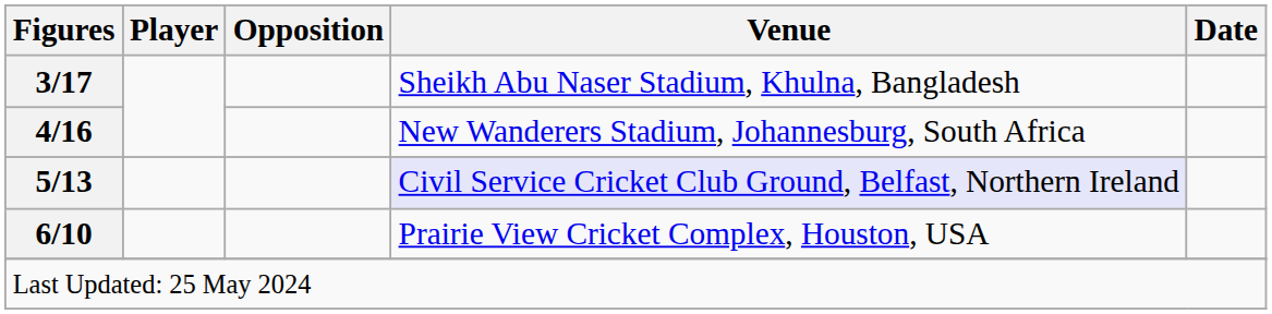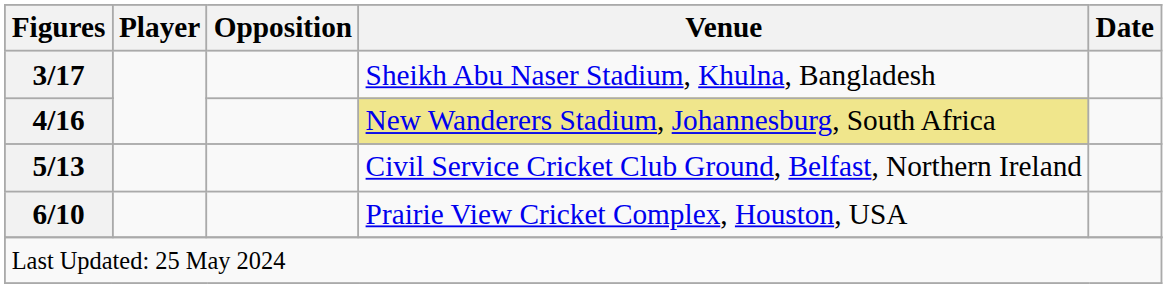 <table class="wikitable plainrowheaders sortable">
 <tr>
 <th scope=col>Figures</th>
 <th scope=col>Player</th>
 <th scope=col>Opposition</th>
 <th scope=col>Venue</th>
 <th scope=col>Date</th>
 </tr>
 <tr>
 <th>3/17</th>
 <td rowspan=2></td>
 <td></td>
 <td><a href='#'>Sheikh Abu Naser Stadium</a>, <a href='#'>Khulna</a>, Bangladesh</td>
 <td></td>
 </tr>
 <tr>
 <th>4/16</th>
 <td></td>
-<td><a href='#'>New Wanderers Stadium</a>, <a href='#'>Johannesburg</a>, South Africa</td>
+<td style="background: khaki;"><a href='#'>New Wanderers Stadium</a>, <a href='#'>Johannesburg</a>, South Africa</td>
 <td></td>
 </tr>
 <tr>
 <th>5/13</th>
 <td></td>
 <td></td>
-<td style="background: lavender;"><a href='#'>Civil Service Cricket Club Ground</a>, <a href='#'>Belfast</a>, Northern Ireland</td>
+<td><a href='#'>Civil Service Cricket Club Ground</a>, <a href='#'>Belfast</a>, Northern Ireland</td>
 <td></td>
 </tr>
 <tr>
 <th>6/10</th>
 <td></td>
 <td></td>
 <td><a href='#'>Prairie View Cricket Complex</a>, <a href='#'>Houston</a>, USA</td>
 <td></td>
 </tr>
 <tr>
 </tr>
 <tr class=sortbottom>
 <td colspan=5><small>Last Updated: 25 May 2024</small></td>
 </tr>
 </table>
